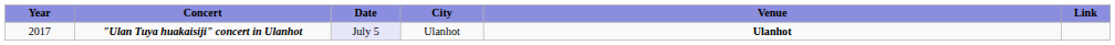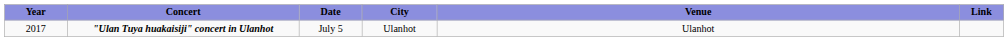 <table class="wikitable sortable mw-collapsible" width="80%" style="text-align:center">
 <tr align="center" style="background:#8B8EDE">
 <td style="width:2%"><strong>Year</strong></td>
 <td style="width:8%"><strong>Concert</strong></td>
 <td style="width:2%"><strong>Date</strong></td>
 <td style="width:2%"><strong>City</strong></td>
 <td style="width:18%"><strong>Venue</strong></td>
 <td style="width:1%"><strong>Link</strong></td>
 </tr>
 <tr>
 <td rowspan="2">2017</td>
 <td rowspan="2"><strong><em>"Ulan Tuya huakaisiji" concert in Ulanhot</em></strong></td>
-<td style="background: lavender;">July 5</td>
+<td>July 5</td>
 <td>Ulanhot</td>
-<td><strong>Ulanhot</strong></td>
+<td>Ulanhot</td>
 <td></td>
 </tr>
 </table>
